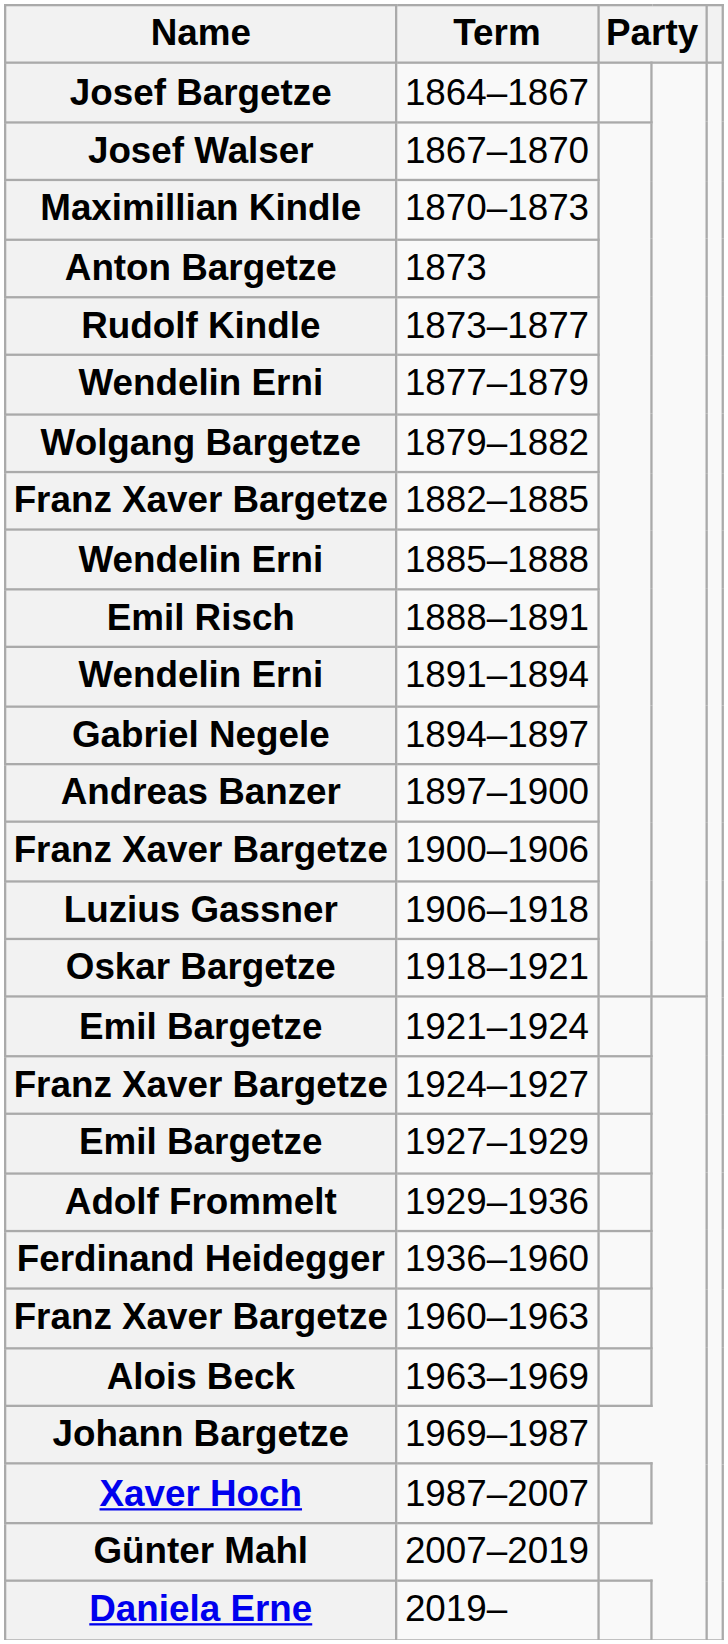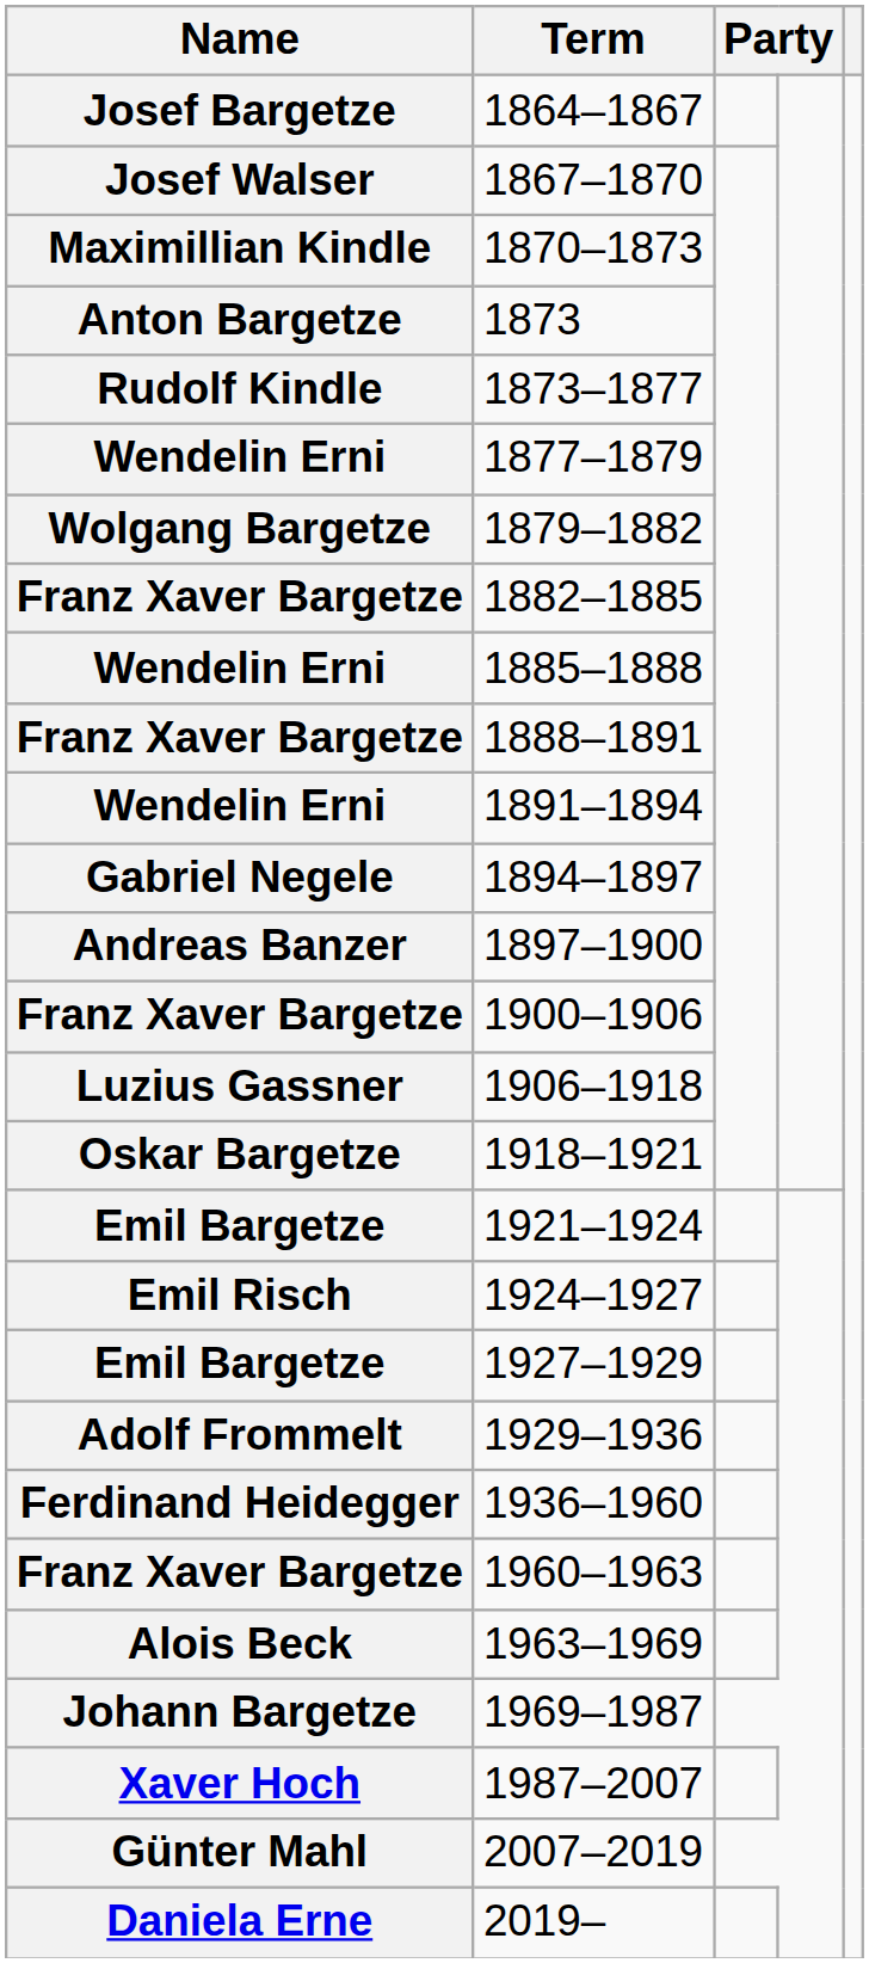 <table class="wikitable">
 <tr>
 <th scope="col">Name</th>
 <th scope="col">Term</th>
 <th colspan="2" scope="colgroup">Party</th>
 <th scope="col"></th>
 </tr>
 <tr>
 <th scope="row">Josef Bargetze</th>
 <td>1864–1867</td>
 <td style="background:"></td>
 <td rowspan="16"></td>
 <td rowspan="31"></td>
 </tr>
 <tr>
 <th>Josef Walser</th>
 <td>1867–1870</td>
 </tr>
 <tr>
 <th>Maximillian Kindle</th>
 <td>1870–1873</td>
 </tr>
 <tr>
 <th>Anton Bargetze</th>
 <td>1873</td>
 </tr>
 <tr>
 <th>Rudolf Kindle</th>
 <td>1873–1877</td>
 </tr>
 <tr>
 <th>Wendelin Erni</th>
 <td>1877–1879</td>
 </tr>
 <tr>
 <th>Wolgang Bargetze</th>
 <td>1879–1882</td>
 </tr>
 <tr>
 <th>Franz Xaver Bargetze</th>
 <td>1882–1885</td>
 </tr>
 <tr>
 <th>Wendelin Erni</th>
 <td>1885–1888</td>
 </tr>
 <tr>
-<th>Emil Risch</th>
+<th>Franz Xaver Bargetze</th>
 <td>1888–1891</td>
 </tr>
 <tr>
 <th>Wendelin Erni</th>
 <td>1891–1894</td>
 </tr>
 <tr>
 <th>Gabriel Negele</th>
 <td>1894–1897</td>
 </tr>
 <tr>
 <th>Andreas Banzer</th>
 <td>1897–1900</td>
 </tr>
 <tr>
 <th>Franz Xaver Bargetze</th>
 <td>1900–1906</td>
 </tr>
 <tr>
 <th>Luzius Gassner</th>
 <td>1906–1918</td>
 </tr>
 <tr>
 <th>Oskar Bargetze</th>
 <td>1918–1921</td>
 </tr>
 <tr>
 <th>Emil Bargetze</th>
 <td>1921–1924</td>
 <td></td>
 </tr>
 <tr>
-<th>Franz Xaver Bargetze</th>
+<th>Emil Risch</th>
 <td>1924–1927</td>
 <td></td>
 </tr>
 <tr>
 <th>Emil Bargetze</th>
 <td>1927–1929</td>
 <td></td>
 </tr>
 <tr>
 <th>Adolf Frommelt</th>
 <td>1929–1936</td>
 <td></td>
 </tr>
 <tr>
 <th>Ferdinand Heidegger</th>
 <td>1936–1960</td>
 <td></td>
 </tr>
 <tr>
 <th>Franz Xaver Bargetze</th>
 <td>1960–1963</td>
 <td></td>
 </tr>
 <tr>
 <th>Alois Beck</th>
 <td>1963–1969</td>
 <td></td>
 </tr>
 <tr>
 <th>Johann Bargetze</th>
 <td>1969–1987</td>
 </tr>
 <tr>
 <th><a href='#'>Xaver Hoch</a></th>
 <td>1987–2007</td>
 <td></td>
 </tr>
 <tr>
 <th>Günter Mahl</th>
 <td>2007–2019</td>
 </tr>
 <tr>
 <th><a href='#'>Daniela Erne</a></th>
 <td>2019–</td>
 <td></td>
 </tr>
 </table>
